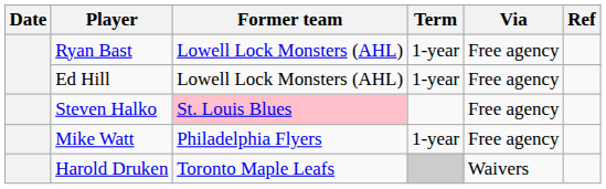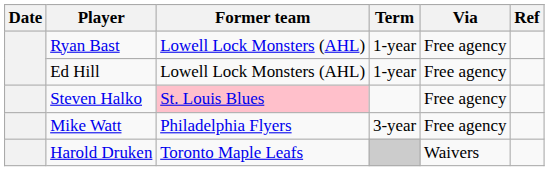 <table class="wikitable plainrowheaders">
 <tr style="background:#ddd; text-align:center;">
 <th>Date</th>
 <th>Player</th>
 <th>Former team</th>
 <th>Term</th>
 <th>Via</th>
 <th>Ref</th>
 </tr>
 <tr>
 <th scope="row" rowspan=2></th>
 <td><a href='#'>Ryan Bast</a></td>
 <td><a href='#'>Lowell Lock Monsters</a> (<a href='#'>AHL</a>)</td>
 <td>1-year</td>
 <td>Free agency</td>
 <td></td>
 </tr>
 <tr>
 <td>Ed Hill</td>
 <td>Lowell Lock Monsters (AHL)</td>
 <td>1-year</td>
 <td>Free agency</td>
 <td></td>
 </tr>
 <tr>
 <th scope="row"></th>
 <td><a href='#'>Steven Halko</a></td>
 <td style="background: pink;"><a href='#'>St. Louis Blues</a></td>
 <td></td>
 <td>Free agency</td>
 <td></td>
 </tr>
 <tr>
 <th scope="row"></th>
 <td><a href='#'>Mike Watt</a></td>
 <td><a href='#'>Philadelphia Flyers</a></td>
-<td>1-year</td>
+<td>3-year</td>
 <td>Free agency</td>
 <td></td>
 </tr>
 <tr>
 <th scope="row"></th>
 <td><a href='#'>Harold Druken</a></td>
 <td><a href='#'>Toronto Maple Leafs</a></td>
 <td style="background:#ccc"></td>
 <td>Waivers</td>
 <td></td>
 </tr>
 </table>
